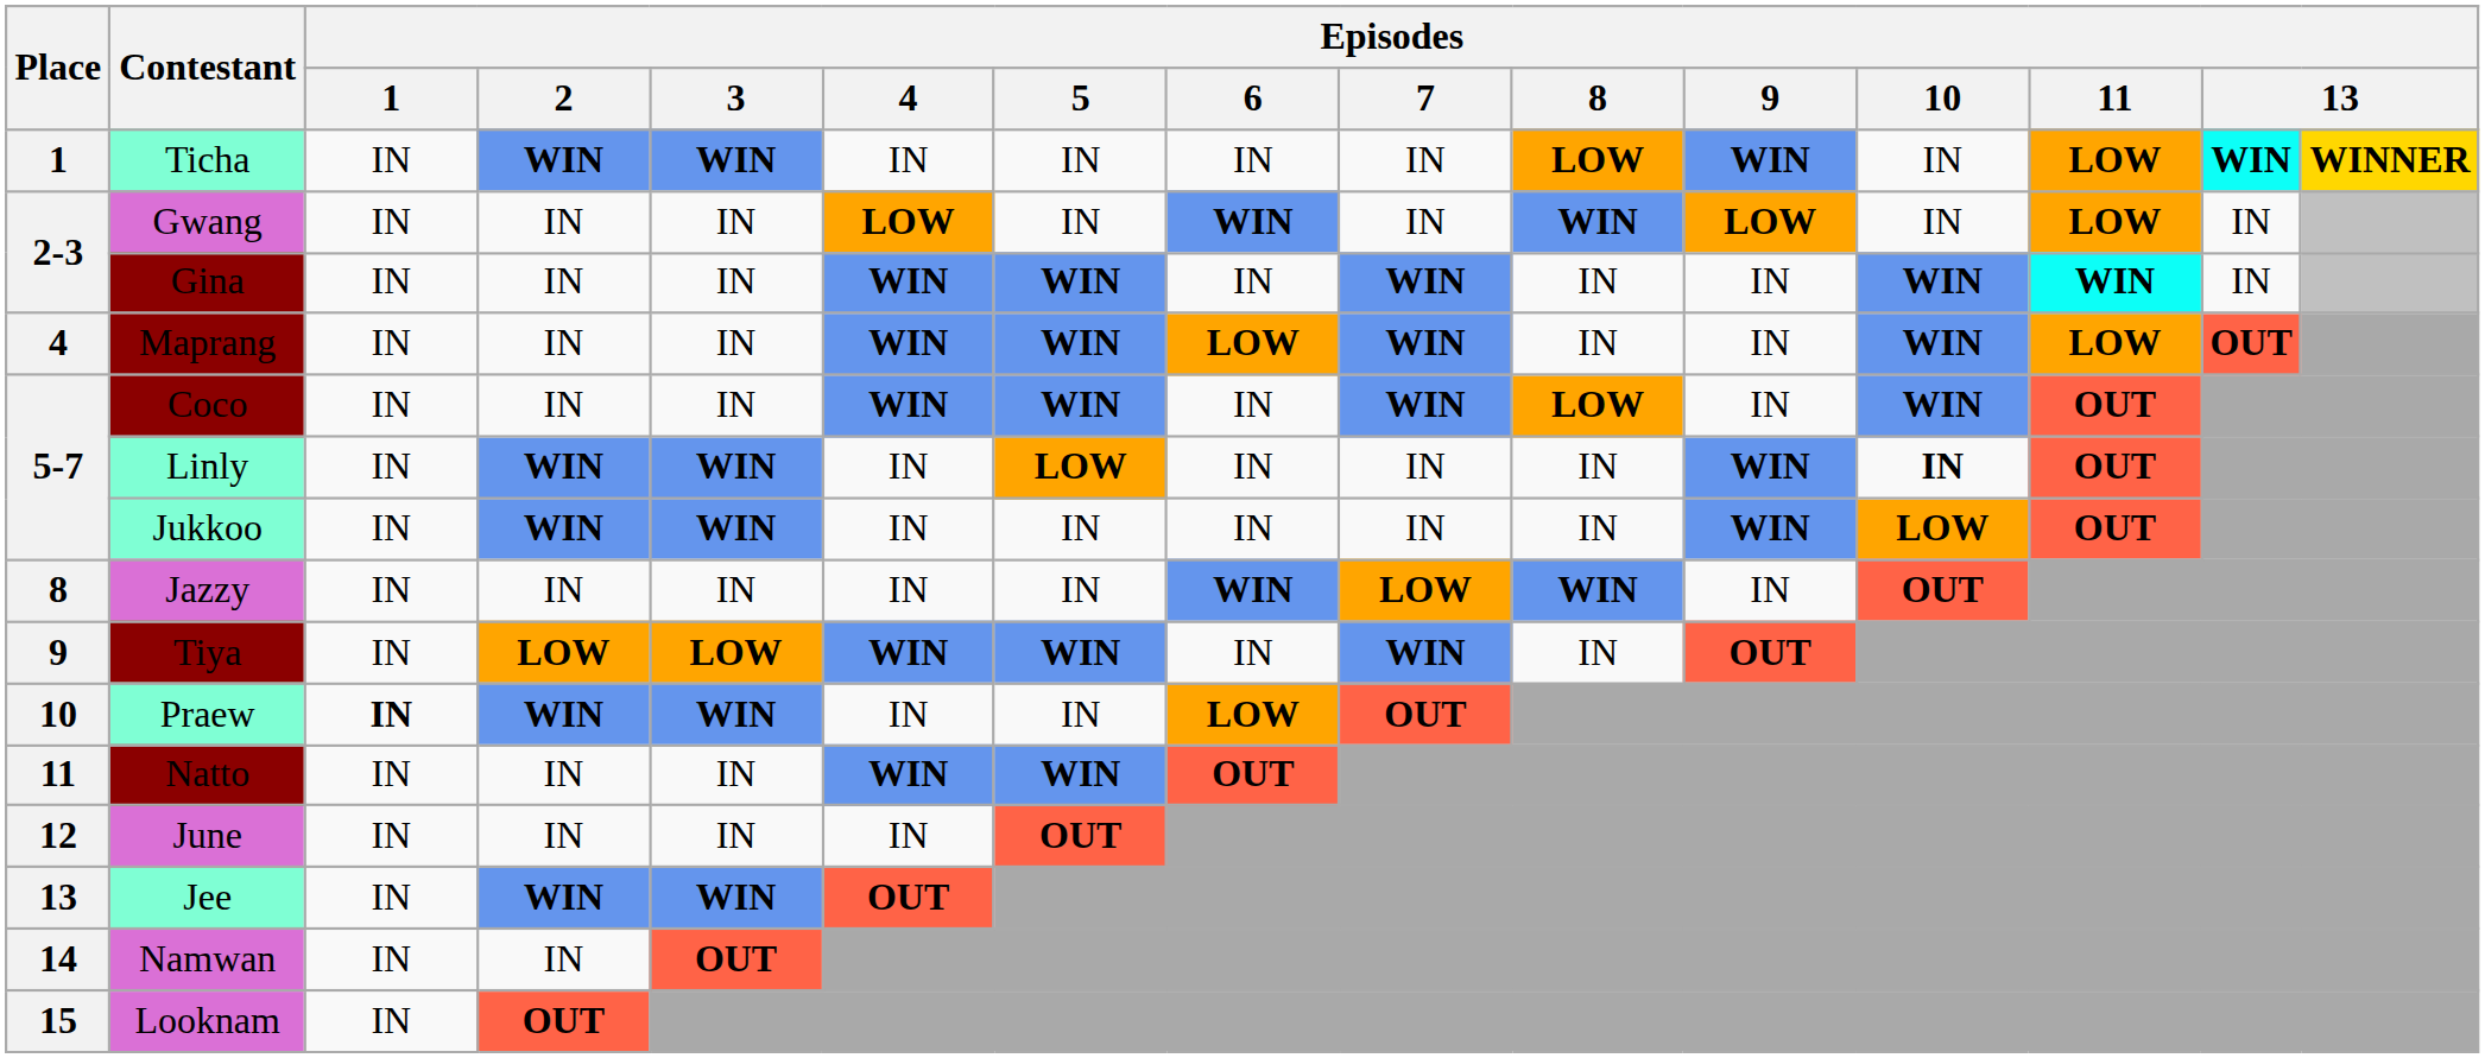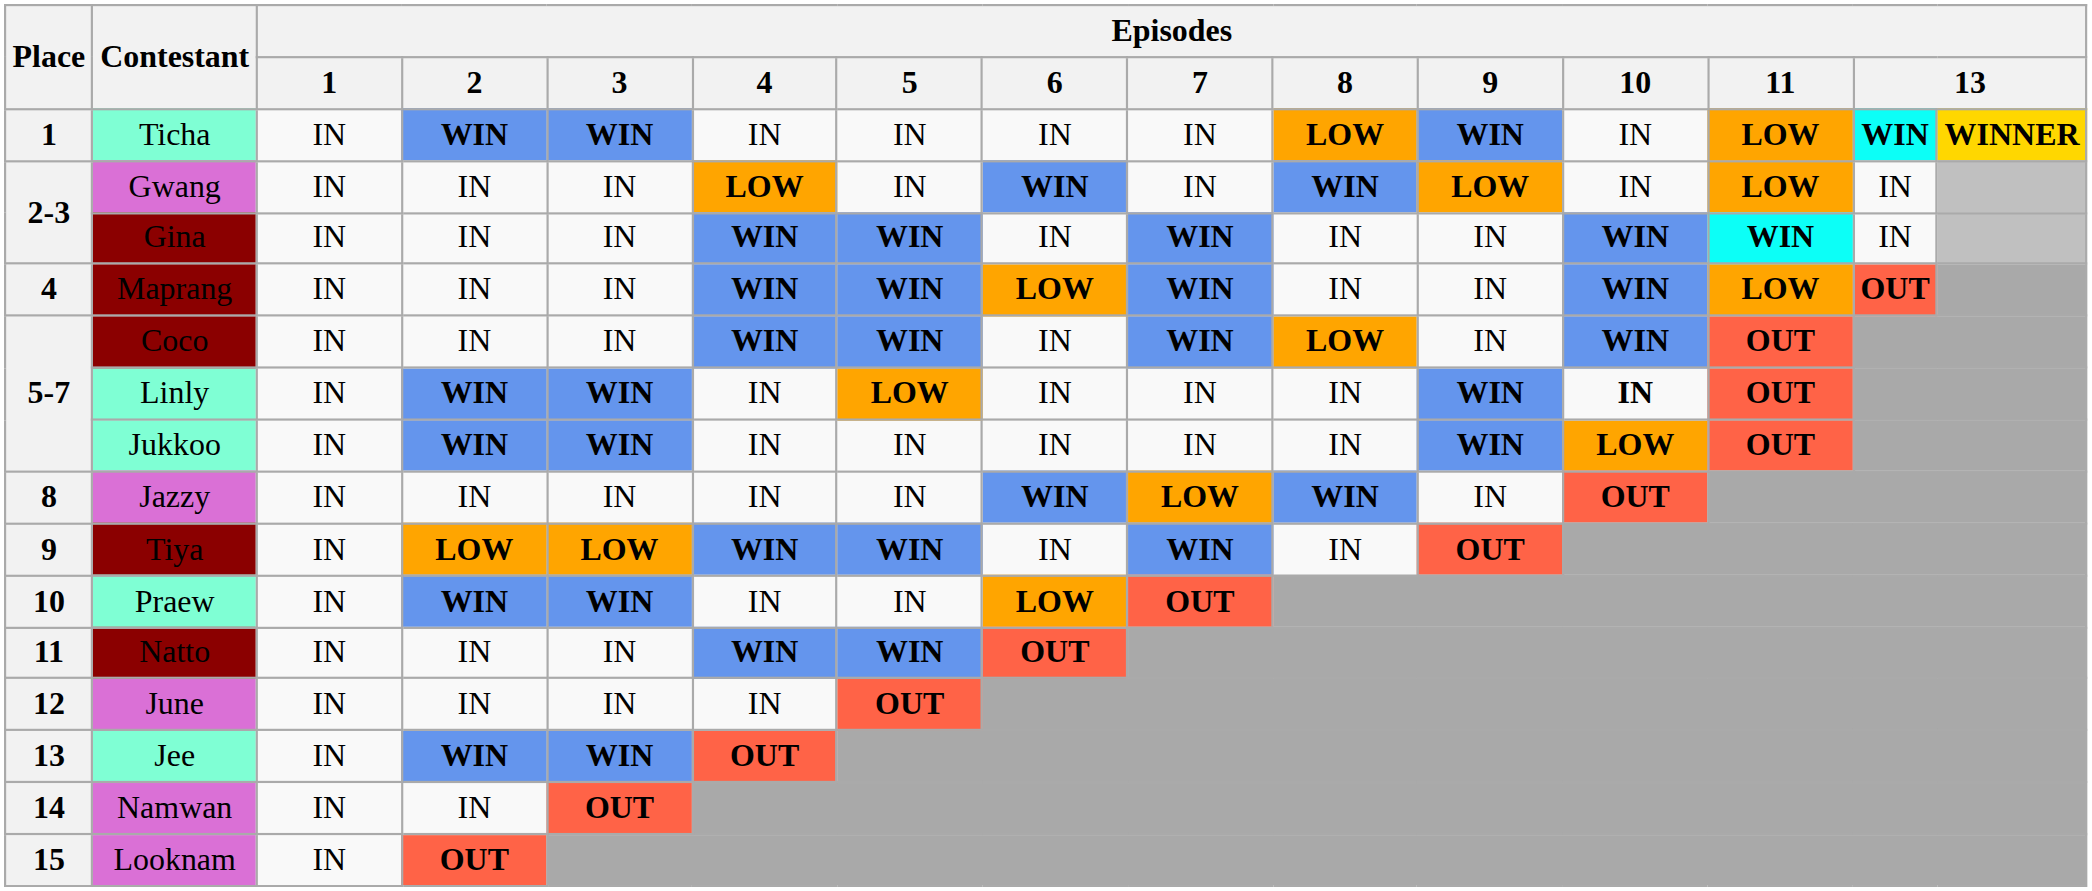 <table class="wikitable" style="text-align:center; font-size:92%">
 <tr>
 <th rowspan=2>Place</th>
 <th rowspan=2>Contestant</th>
 <th colspan=13>Episodes</th>
 </tr>
 <tr>
 <th style="width:60px;">1</th>
 <th style="width:60px;">2</th>
 <th style="width:60px;">3</th>
 <th style="width:60px;">4</th>
 <th style="width:60px;">5</th>
 <th style="width:60px;">6</th>
 <th style="width:60px;">7</th>
 <th style="width:60px;">8</th>
 <th style="width:60px;">9</th>
 <th style="width:60px;">10</th>
 <th style="width:60px;">11</th>
 <th colspan="2">13</th>
 </tr>
 <tr>
 <th>1</th>
 <td style="background:aquamarine;">Ticha</td>
 <td>IN</td>
 <td style="background:cornflowerblue;"><strong>WIN</strong></td>
 <td style="background:cornflowerblue;"><strong>WIN</strong></td>
 <td>IN</td>
 <td>IN</td>
 <td>IN</td>
 <td>IN</td>
 <td style="background:orange;"><strong>LOW</strong></td>
 <td style="background:cornflowerblue;"><strong>WIN</strong></td>
 <td>IN</td>
 <td style="background:orange;"><strong>LOW</strong></td>
 <td style="background:#0cfff7;"><strong>WIN</strong></td>
 <td style="background:gold;"><strong>WINNER</strong></td>
 </tr>
 <tr>
 <th rowspan=2>2-3</th>
 <td style="background:orchid;">Gwang</td>
 <td>IN</td>
 <td>IN</td>
 <td>IN</td>
 <td style="background:orange;"><strong>LOW</strong></td>
 <td>IN</td>
 <td style="background:cornflowerblue;"><strong>WIN</strong></td>
 <td>IN</td>
 <td style="background:cornflowerblue;"><strong>WIN</strong></td>
 <td style="background:orange;"><strong>LOW</strong></td>
 <td>IN</td>
 <td style="background:orange;"><strong>LOW</strong></td>
 <td>IN</td>
 <td style="background:silver;"></td>
 </tr>
 <tr>
 <td style="background:darkred;"><span>Gina </span></td>
 <td>IN</td>
 <td>IN</td>
 <td>IN</td>
 <td style="background:cornflowerblue;"><strong>WIN</strong></td>
 <td style="background:cornflowerblue;"><strong>WIN</strong></td>
 <td>IN</td>
 <td style="background:cornflowerblue;"><strong>WIN</strong></td>
 <td>IN</td>
 <td>IN</td>
 <td style="background:cornflowerblue;"><strong>WIN</strong></td>
 <td style="background:#0cfff7;"><strong>WIN</strong></td>
 <td>IN</td>
 <td style="background:silver;"></td>
 </tr>
 <tr>
 <th>4</th>
 <td style="background:darkred;"><span>Maprang</span></td>
 <td>IN</td>
 <td>IN</td>
 <td>IN</td>
 <td style="background:cornflowerblue;"><strong>WIN</strong></td>
 <td style="background:cornflowerblue;"><strong>WIN</strong></td>
 <td style="background:orange;"><strong>LOW</strong></td>
 <td style="background:cornflowerblue;"><strong>WIN</strong></td>
 <td>IN</td>
 <td>IN</td>
 <td style="background:cornflowerblue;"><strong>WIN</strong></td>
 <td style="background:orange;"><strong>LOW</strong></td>
 <td style="background:tomato;"><strong>OUT</strong></td>
 <td style="background:darkgrey;" colspan=1></td>
 </tr>
 <tr>
 <th rowspan=3>5-7</th>
 <td style="background:darkred;"><span>Coco </span></td>
 <td>IN</td>
 <td>IN</td>
 <td>IN</td>
 <td style="background:cornflowerblue;"><strong>WIN</strong></td>
 <td style="background:cornflowerblue;"><strong>WIN</strong></td>
 <td>IN</td>
 <td style="background:cornflowerblue;"><strong>WIN</strong></td>
 <td style="background:orange;"><strong>LOW</strong></td>
 <td>IN</td>
 <td style="background:cornflowerblue;"><strong>WIN</strong></td>
 <td style="background:tomato;"><strong>OUT</strong></td>
 <td style="background:darkgrey;" colspan=2></td>
 </tr>
 <tr>
 <td style="background:aquamarine;">Linly</td>
 <td>IN</td>
 <td style="background:cornflowerblue;"><strong>WIN</strong></td>
 <td style="background:cornflowerblue;"><strong>WIN</strong></td>
 <td>IN</td>
 <td style="background:orange;"><strong>LOW</strong></td>
 <td>IN</td>
 <td>IN</td>
 <td>IN</td>
 <td style="background:cornflowerblue;"><strong>WIN</strong></td>
 <td><strong>IN</strong></td>
 <td style="background:tomato;"><strong>OUT</strong></td>
 <td style="background:darkgrey;" colspan=2></td>
 </tr>
 <tr>
 <td style="background:aquamarine;">Jukkoo</td>
 <td>IN</td>
 <td style="background:cornflowerblue;"><strong>WIN</strong></td>
 <td style="background:cornflowerblue;"><strong>WIN</strong></td>
 <td>IN</td>
 <td>IN</td>
 <td>IN</td>
 <td>IN</td>
 <td>IN</td>
 <td style="background:cornflowerblue;"><strong>WIN</strong></td>
 <td style="background:orange;"><strong>LOW</strong></td>
 <td style="background:tomato;"><strong>OUT</strong></td>
 <td style="background:darkgrey;" colspan=2></td>
 </tr>
 <tr>
 <th>8</th>
 <td style="background:orchid;">Jazzy</td>
 <td>IN</td>
 <td>IN</td>
 <td>IN</td>
 <td>IN</td>
 <td>IN</td>
 <td style="background:cornflowerblue;"><strong>WIN</strong></td>
 <td style="background:orange;"><strong>LOW</strong></td>
 <td style="background:cornflowerblue;"><strong>WIN</strong></td>
 <td>IN</td>
 <td style="background:tomato;"><strong>OUT</strong></td>
 <td style="background:darkgrey;" colspan=3></td>
 </tr>
 <tr>
 <th>9</th>
 <td style="background:darkred;"><span>Tiya</span></td>
 <td>IN</td>
 <td style="background:orange;"><strong>LOW</strong></td>
 <td style="background:orange;"><strong>LOW</strong></td>
 <td style="background:cornflowerblue;"><strong>WIN</strong></td>
 <td style="background:cornflowerblue;"><strong>WIN</strong></td>
 <td>IN</td>
 <td style="background:cornflowerblue;"><strong>WIN</strong></td>
 <td>IN</td>
 <td style="background:tomato;"><strong>OUT</strong></td>
 <td style="background:darkgrey;" colspan=4></td>
 </tr>
 <tr>
 <th>10</th>
 <td style="background:aquamarine;">Praew</td>
-<td><strong>IN</strong></td>
+<td>IN</td>
 <td style="background:cornflowerblue;"><strong>WIN</strong></td>
 <td style="background:cornflowerblue;"><strong>WIN</strong></td>
 <td>IN</td>
 <td>IN</td>
 <td style="background:orange;"><strong>LOW</strong></td>
 <td style="background:tomato;"><strong>OUT</strong></td>
 <td style="background:darkgrey;" colspan=6></td>
 </tr>
 <tr>
 <th>11</th>
 <td style="background:darkred;"><span>Natto</span></td>
 <td>IN</td>
 <td>IN</td>
 <td>IN</td>
 <td style="background:cornflowerblue;"><strong>WIN</strong></td>
 <td style="background:cornflowerblue;"><strong>WIN</strong></td>
 <td style="background:tomato;"><strong>OUT</strong></td>
 <td style="background:darkgrey;" colspan=7></td>
 </tr>
 <tr>
 <th>12</th>
 <td style="background:orchid;">June</td>
 <td>IN</td>
 <td>IN</td>
 <td>IN</td>
 <td>IN</td>
 <td width="60" style="background:tomato;"><strong>OUT</strong></td>
 <td style="background:darkgrey;" colspan=8></td>
 </tr>
 <tr>
 <th>13</th>
 <td style="background:aquamarine;">Jee</td>
 <td>IN</td>
 <td style="background:cornflowerblue;"><strong>WIN</strong></td>
 <td style="background:cornflowerblue;"><strong>WIN</strong></td>
 <td width="60" style="background:tomato;"><strong>OUT</strong></td>
 <td style="background:darkgrey;" colspan=9></td>
 </tr>
 <tr>
 <th>14</th>
 <td style="background:orchid;">Namwan</td>
 <td>IN</td>
 <td>IN</td>
 <td width="60" style="background:tomato;"><strong>OUT</strong></td>
 <td style="background:darkgrey;" colspan=10></td>
 </tr>
 <tr>
 <th>15</th>
 <td style="background:orchid;">Looknam</td>
 <td>IN</td>
 <td width="60" style="background:tomato;"><strong>OUT</strong></td>
 <td style="background:darkgrey;" colspan=11></td>
 </tr>
 </table>
